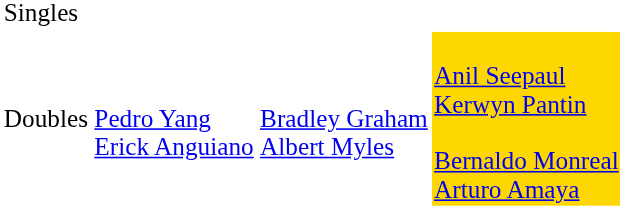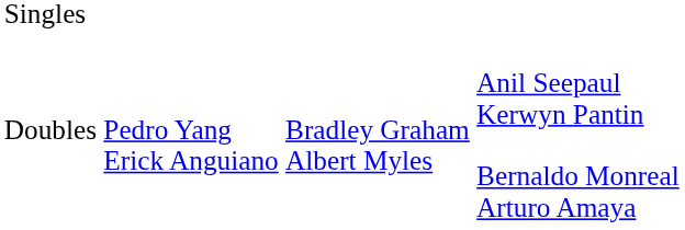 <table>
 <tr>
 <td>Singles</td>
 <td></td>
 <td></td>
 <td><br></td>
 </tr>
 <tr>
 <td>Doubles</td>
 <td><br><a href='#'>Pedro Yang</a><br><a href='#'>Erick Anguiano</a></td>
 <td><br><a href='#'>Bradley Graham</a><br><a href='#'>Albert Myles</a></td>
-<td style="background: gold;"><br><a href='#'>Anil Seepaul</a><br><a href='#'>Kerwyn Pantin</a><br><br><a href='#'>Bernaldo Monreal</a><br><a href='#'>Arturo Amaya</a></td>
+<td><br><a href='#'>Anil Seepaul</a><br><a href='#'>Kerwyn Pantin</a><br><br><a href='#'>Bernaldo Monreal</a><br><a href='#'>Arturo Amaya</a></td>
 </tr>
 </table>
